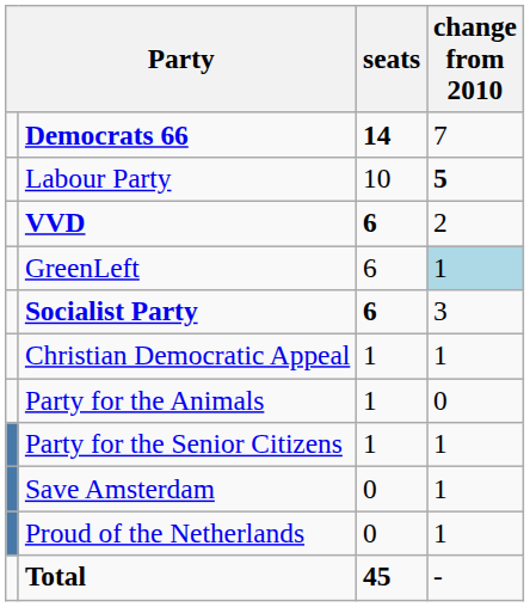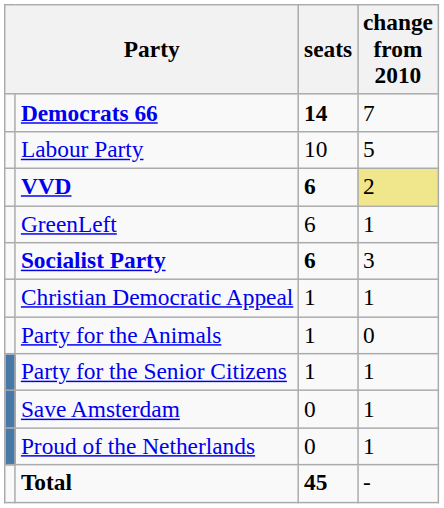 <table class="wikitable">
 <tr>
 <th colspan=2>Party</th>
 <th>seats</th>
 <th>change<br>from<br>2010</th>
 </tr>
 <tr>
 <td style="color:inherit;background:"></td>
 <td><strong><a href='#'>Democrats 66</a></strong></td>
 <td><strong>14</strong></td>
 <td> 7</td>
 </tr>
 <tr>
 <td style="color:inherit;background:"></td>
 <td><a href='#'>Labour Party</a></td>
 <td>10</td>
-<td><strong> 5</strong></td>
+<td> 5</td>
 </tr>
 <tr>
 <td style="color:inherit;background:"></td>
 <td><strong><a href='#'>VVD</a></strong></td>
 <td><strong>6</strong></td>
-<td> 2</td>
+<td style="background: khaki;"> 2</td>
 </tr>
 <tr>
 <td style="color:inherit;background:"></td>
 <td><a href='#'>GreenLeft</a></td>
 <td>6</td>
-<td style="background: lightblue;"> 1</td>
+<td> 1</td>
 </tr>
 <tr>
 <td style="color:inherit;background:"></td>
 <td><strong><a href='#'>Socialist Party</a></strong></td>
 <td><strong>6</strong></td>
 <td> 3</td>
 </tr>
 <tr>
 <td style="color:inherit;background:"></td>
 <td><a href='#'>Christian Democratic Appeal</a></td>
 <td>1</td>
 <td> 1</td>
 </tr>
 <tr>
 <td style="color:inherit;background:"></td>
 <td><a href='#'>Party for the Animals</a></td>
 <td>1</td>
 <td> 0</td>
 </tr>
 <tr>
 <td bgcolor="#4878a8"></td>
 <td><a href='#'>Party for the Senior Citizens</a></td>
 <td>1</td>
 <td> 1</td>
 </tr>
 <tr>
 <td bgcolor="#4878a8"></td>
 <td><a href='#'>Save Amsterdam</a></td>
 <td>0</td>
 <td> 1</td>
 </tr>
 <tr>
 <td bgcolor="#4878a8"></td>
 <td><a href='#'>Proud of the Netherlands</a></td>
 <td>0</td>
 <td> 1</td>
 </tr>
 <tr>
 <td></td>
 <td><strong>Total</strong></td>
 <td><strong>45</strong></td>
 <td>-</td>
 </tr>
 </table>
